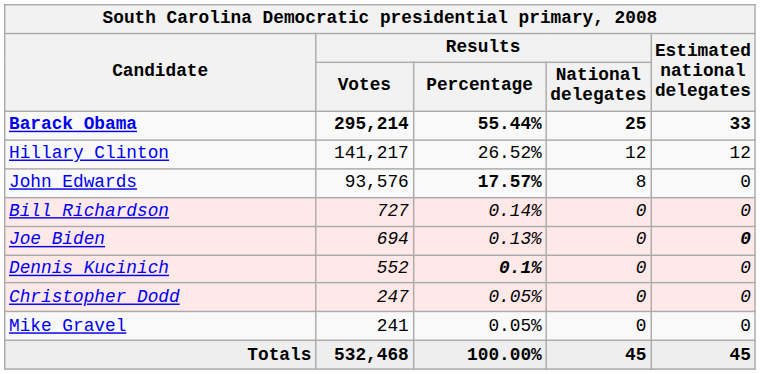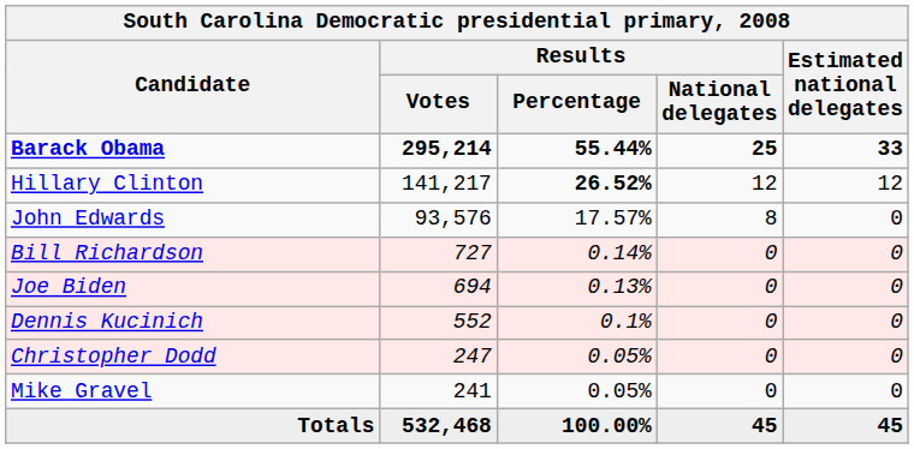 <table class="wikitable" style="font-size: 95%; text-align:right;">
 <tr>
 <th colspan="5">South Carolina Democratic presidential primary, 2008</th>
 </tr>
 <tr>
 <th rowspan="2" style="width: 17em">Candidate</th>
 <th colspan="3">Results</th>
 <th rowspan="2" style="width: 5em">Estimated national delegates</th>
 </tr>
 <tr>
 <th style="width: 5em">Votes</th>
 <th style="width: 7em">Percentage</th>
 <th style="width: 5em">National delegates</th>
 </tr>
 <tr>
 <td align="left"><strong><a href='#'>Barack Obama</a></strong></td>
 <td><strong>295,214</strong></td>
 <td><strong>55.44%</strong></td>
 <td><strong>25</strong></td>
 <td><strong>33</strong></td>
 </tr>
 <tr>
 <td align="left"><a href='#'>Hillary Clinton</a></td>
 <td>141,217</td>
-<td>26.52%</td>
+<td><strong>26.52%</strong></td>
 <td>12</td>
 <td>12</td>
 </tr>
 <tr>
 <td align="left"><a href='#'>John Edwards</a></td>
 <td>93,576</td>
-<td><strong>17.57%</strong></td>
+<td>17.57%</td>
 <td>8</td>
 <td>0</td>
 </tr>
 <tr bgcolor=#FFE8E8>
 <td align="left"><em><a href='#'>Bill Richardson</a></em></td>
 <td><em>727</em></td>
 <td><em>0.14%</em></td>
 <td><em>0</em></td>
 <td><em>0</em></td>
 </tr>
 <tr bgcolor=#FFE8E8>
 <td align="left"><em><a href='#'>Joe Biden</a></em></td>
 <td><em>694</em></td>
 <td><em>0.13%</em></td>
 <td><em>0</em></td>
-<td><strong><em>0</em></strong></td>
+<td><em>0</em></td>
 </tr>
 <tr bgcolor=#FFE8E8>
 <td align="left"><em><a href='#'>Dennis Kucinich</a></em></td>
 <td><em>552</em></td>
-<td><strong><em>0.1%</em></strong></td>
+<td><em>0.1%</em></td>
 <td><em>0</em></td>
 <td><em>0</em></td>
 </tr>
 <tr bgcolor=#FFE8E8>
 <td align="left"><em><a href='#'>Christopher Dodd</a></em></td>
 <td><em>247</em></td>
 <td><em>0.05%</em></td>
 <td><em>0</em></td>
 <td><em>0</em></td>
 </tr>
 <tr>
 <td align="left"><a href='#'>Mike Gravel</a></td>
 <td>241</td>
 <td>0.05%</td>
 <td>0</td>
 <td>0</td>
 </tr>
 <tr bgcolor="#EEEEEE" style="margin-right:0.5em">
 <td><strong>Totals</strong></td>
 <td><strong>532,468</strong></td>
 <td><strong>100.00%</strong></td>
 <td><strong>45</strong></td>
 <td><strong>45</strong></td>
 </tr>
 </table>
